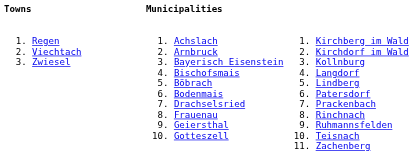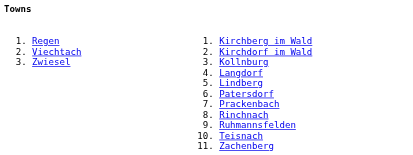 <table>
 <tr>
 <th align=left width=33%>Towns</th>
-<th align=left width=33%>Municipalities</th>
 <th align=left width=33%></th>
 </tr>
 <tr valign=top>
 <td><br><ol><li><a href='#'>Regen</a></li><li><a href='#'>Viechtach</a></li><li><a href='#'>Zwiesel</a></li></ol></td>
-<td><br><ol><li><a href='#'>Achslach</a></li><li><a href='#'>Arnbruck</a></li><li><a href='#'>Bayerisch Eisenstein</a></li><li><a href='#'>Bischofsmais</a></li><li><a href='#'>Böbrach</a></li><li><a href='#'>Bodenmais</a></li><li><a href='#'>Drachselsried</a></li><li><a href='#'>Frauenau</a></li><li><a href='#'>Geiersthal</a></li><li><a href='#'>Gotteszell</a></li></ol></td>
 <td><br><ol> <li><a href='#'>Kirchberg im Wald</a> <li><a href='#'>Kirchdorf im Wald</a> <li><a href='#'>Kollnburg</a> <li><a href='#'>Langdorf</a> <li><a href='#'>Lindberg</a> <li><a href='#'>Patersdorf</a> <li><a href='#'>Prackenbach</a> <li><a href='#'>Rinchnach</a> <li><a href='#'>Ruhmannsfelden</a> <li><a href='#'>Teisnach</a> <li><a href='#'>Zachenberg</a> </ol></td>
 </tr>
 </table>
